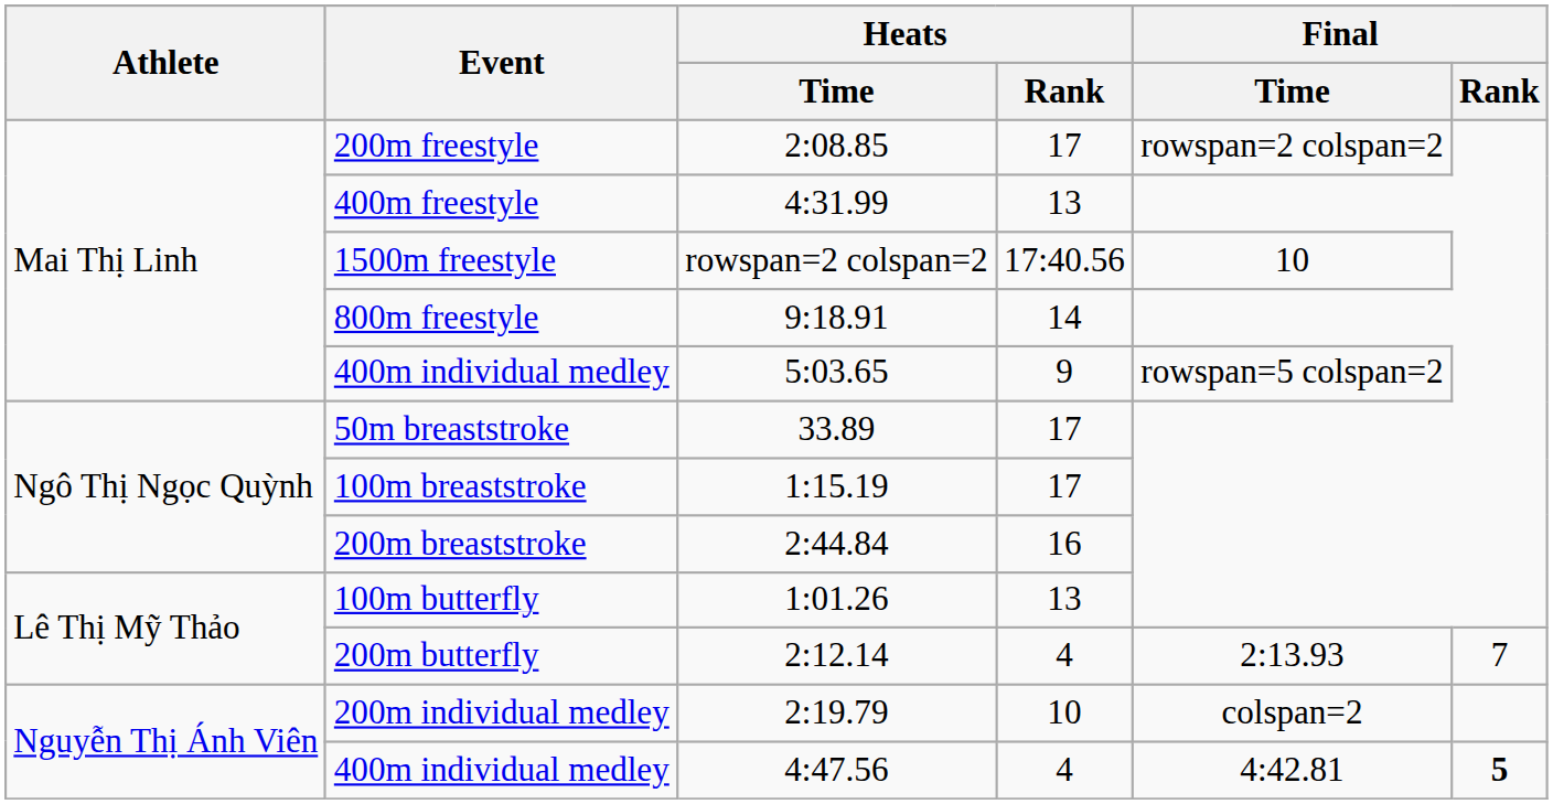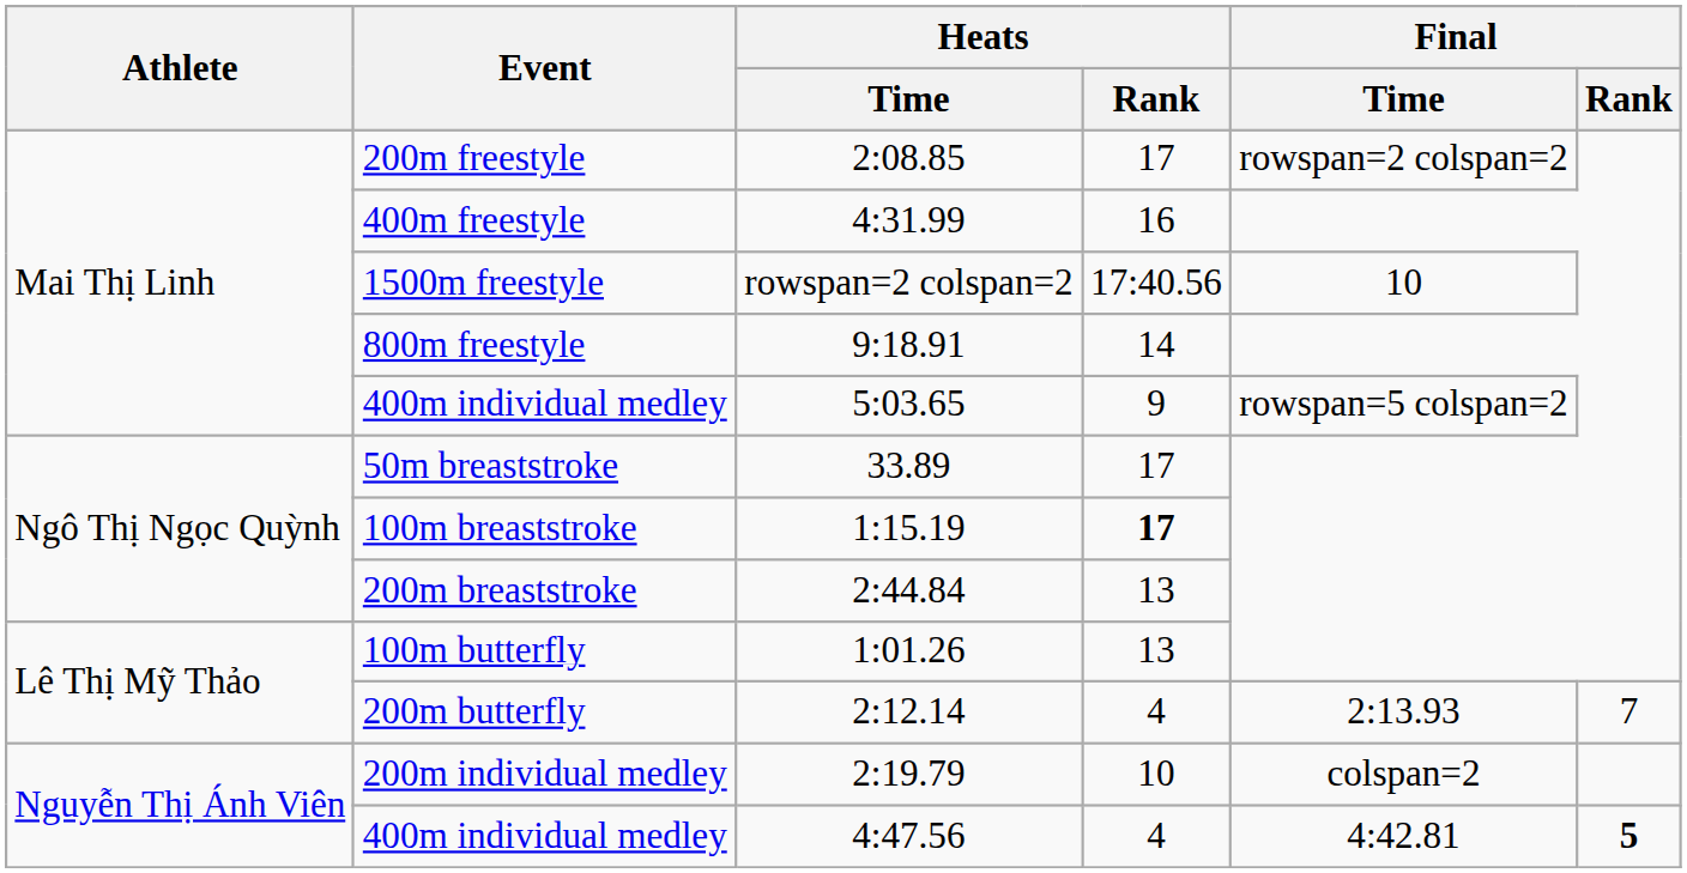 <table class=wikitable style=font-size:90%;text-align:center>
 <tr>
 <th rowspan=2>Athlete</th>
 <th rowspan=2>Event</th>
 <th colspan=2>Heats</th>
 <th colspan=2>Final</th>
 </tr>
 <tr>
 <th>Time</th>
 <th>Rank</th>
 <th>Time</th>
 <th>Rank</th>
 </tr>
 <tr>
 <td rowspan=5 align=left>Mai Thị Linh</td>
 <td align=left><a href='#'>200m freestyle</a></td>
 <td>2:08.85</td>
 <td>17</td>
 <td>rowspan=2 colspan=2</td>
 </tr>
 <tr>
 <td align=left><a href='#'>400m freestyle</a></td>
 <td>4:31.99</td>
-<td>13</td>
+<td>16</td>
 </tr>
 <tr>
 <td align=left><a href='#'>1500m freestyle</a></td>
 <td>rowspan=2 colspan=2</td>
 <td>17:40.56</td>
 <td>10</td>
 </tr>
 <tr>
 <td align=left><a href='#'>800m freestyle</a></td>
 <td>9:18.91</td>
 <td>14</td>
 </tr>
 <tr>
 <td align=left><a href='#'>400m individual medley</a></td>
 <td>5:03.65</td>
 <td>9</td>
 <td>rowspan=5 colspan=2</td>
 </tr>
 <tr>
 <td rowspan=3 align=left>Ngô Thị Ngọc Quỳnh</td>
 <td align=left><a href='#'>50m breaststroke</a></td>
 <td>33.89</td>
 <td>17</td>
 </tr>
 <tr>
 <td align=left><a href='#'>100m breaststroke</a></td>
 <td>1:15.19</td>
-<td>17</td>
+<td><strong>17</strong></td>
 </tr>
 <tr>
 <td align=left><a href='#'>200m breaststroke</a></td>
 <td>2:44.84</td>
-<td>16</td>
+<td>13</td>
 </tr>
 <tr>
 <td rowspan=2 align=left>Lê Thị Mỹ Thảo</td>
 <td align=left><a href='#'>100m butterfly</a></td>
 <td>1:01.26</td>
 <td>13</td>
 </tr>
 <tr>
 <td align=left><a href='#'>200m butterfly</a></td>
 <td>2:12.14 </td>
 <td>4</td>
 <td>2:13.93</td>
 <td>7</td>
 </tr>
 <tr>
 <td rowspan=2 align=left><a href='#'>Nguyễn Thị Ánh Viên</a></td>
 <td align=left><a href='#'>200m individual medley</a></td>
 <td>2:19.79</td>
 <td>10</td>
 <td>colspan=2</td>
 </tr>
 <tr>
 <td align=left><a href='#'>400m individual medley</a></td>
 <td>4:47.56 </td>
 <td>4</td>
 <td>4:42.81</td>
 <td><strong>5</strong></td>
 </tr>
 </table>
